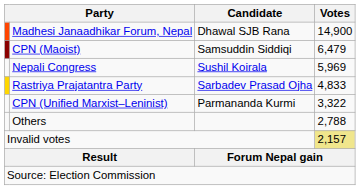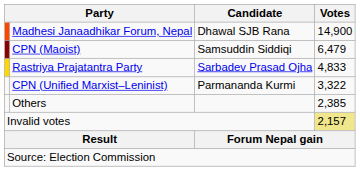 <table class="wikitable">
 <tr>
 <th colspan="2">Party</th>
 <th>Candidate</th>
 <th>Votes</th>
 </tr>
 <tr>
 <td style="background-color:orangered"></td>
 <td><a href='#'>Madhesi Janaadhikar Forum, Nepal</a></td>
 <td>Dhawal SJB Rana</td>
 <td>14,900</td>
 </tr>
 <tr>
 <td style="background-color:darkred"></td>
 <td><a href='#'>CPN (Maoist)</a></td>
 <td>Samsuddin Siddiqi</td>
 <td>6,479</td>
 </tr>
 <tr>
-<td style="background-color:"></td>
-<td><a href='#'>Nepali Congress</a></td>
-<td><a href='#'>Sushil Koirala</a></td>
-<td>5,969</td>
-</tr>
-<tr>
 <td style="background-color:gold"></td>
 <td><a href='#'>Rastriya Prajatantra Party</a></td>
 <td><a href='#'>Sarbadev Prasad Ojha</a></td>
 <td>4,833</td>
 </tr>
 <tr>
 <td style="background-color:"></td>
 <td><a href='#'>CPN (Unified Marxist–Leninist)</a></td>
 <td>Parmananda Kurmi</td>
 <td>3,322</td>
 </tr>
 <tr>
 <td></td>
 <td>Others</td>
 <td></td>
-<td>2,788</td>
+<td>2,385</td>
 </tr>
 <tr>
 <td colspan="3">Invalid votes</td>
 <td style="background: khaki;">2,157</td>
 </tr>
 <tr>
 <th colspan="2">Result</th>
 <th colspan="2">Forum Nepal gain</th>
 </tr>
 <tr>
 <td colspan="4">Source: Election Commission</td>
 </tr>
 </table>
